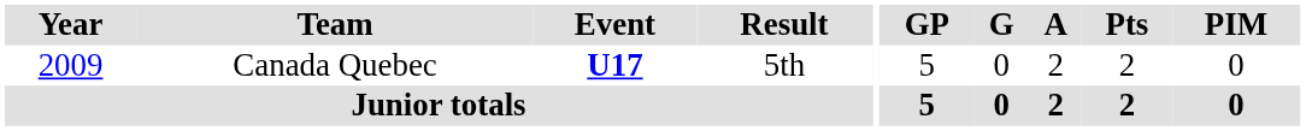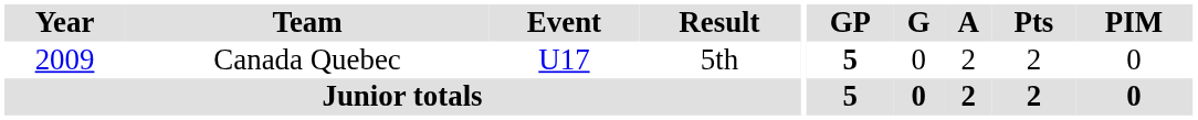 <table border="0" cellpadding="1" cellspacing="0" ID="Table3" style="text-align:center; width:40em">
 <tr ALIGN="center" bgcolor="#e0e0e0">
 <th>Year</th>
 <th>Team</th>
 <th>Event</th>
 <th>Result</th>
 <th rowspan="99" bgcolor="#ffffff"></th>
 <th>GP</th>
 <th>G</th>
 <th>A</th>
 <th>Pts</th>
 <th>PIM</th>
 </tr>
 <tr>
 <td><a href='#'>2009</a></td>
 <td>Canada Quebec</td>
-<td><strong><a href='#'>U17</a></strong></td>
+<td><a href='#'>U17</a></td>
 <td>5th</td>
-<td>5</td>
+<td><strong>5</strong></td>
 <td>0</td>
 <td>2</td>
 <td>2</td>
 <td>0</td>
 </tr>
 <tr bgcolor="#e0e0e0">
 <th colspan="4">Junior totals</th>
 <th>5</th>
 <th>0</th>
 <th>2</th>
 <th>2</th>
 <th>0</th>
 </tr>
 </table>
